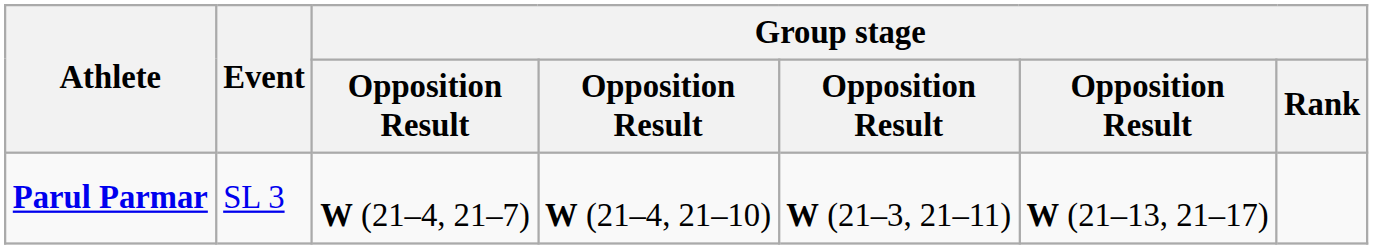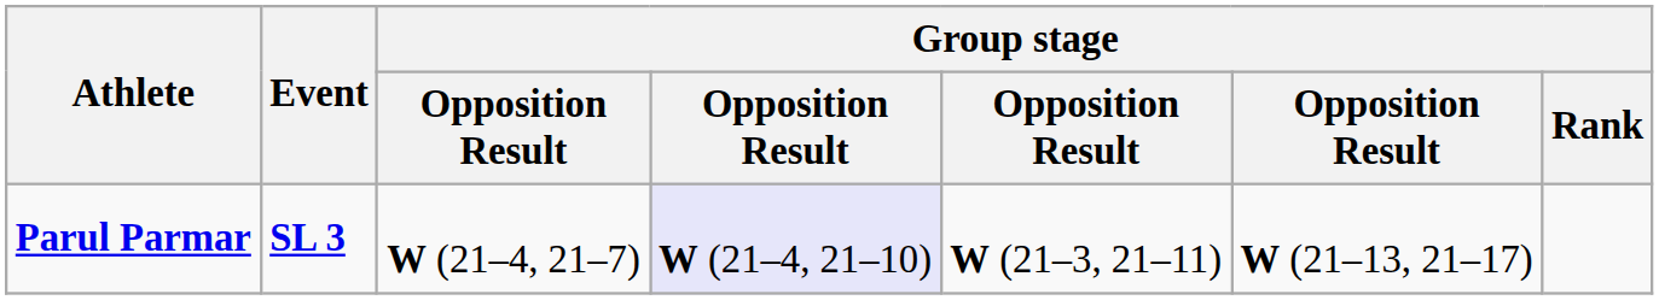 <table class="wikitable" style="text-align:center; font-size:90%">
 <tr>
 <th rowspan=2>Athlete</th>
 <th rowspan=2>Event</th>
 <th colspan=5>Group stage</th>
 </tr>
 <tr>
 <th>Opposition<br>Result</th>
 <th>Opposition<br>Result</th>
 <th>Opposition<br>Result</th>
 <th>Opposition<br>Result</th>
 <th>Rank</th>
 </tr>
 <tr>
 <td align=left><strong><a href='#'>Parul Parmar</a></strong></td>
-<td align=left><a href='#'>SL 3</a></td>
+<td align=left><strong><a href='#'>SL 3</a></strong></td>
 <td><br><strong>W</strong> (21–4, 21–7)</td>
-<td><br><strong>W</strong> (21–4, 21–10)</td>
+<td style="background: lavender;"><br><strong>W</strong> (21–4, 21–10)</td>
 <td><br><strong>W</strong> (21–3, 21–11)</td>
 <td><br><strong>W</strong> (21–13, 21–17)</td>
 <td></td>
 </tr>
 </table>
